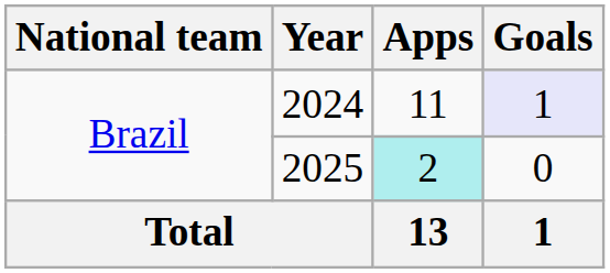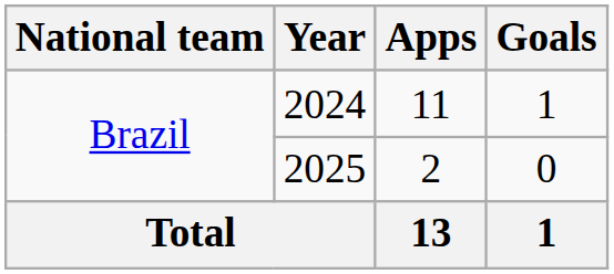 <table class="wikitable" style="text-align: center;">
 <tr>
 <th>National team</th>
 <th>Year</th>
 <th>Apps</th>
 <th>Goals</th>
 </tr>
 <tr>
 <td rowspan="2"><a href='#'>Brazil</a></td>
 <td>2024</td>
 <td>11</td>
-<td style="background: lavender;">1</td>
+<td>1</td>
 </tr>
 <tr>
 <td>2025</td>
-<td style="background: paleturquoise;">2</td>
+<td>2</td>
 <td>0</td>
 </tr>
 <tr>
 <th colspan="2">Total</th>
 <th>13</th>
 <th>1</th>
 </tr>
 </table>
